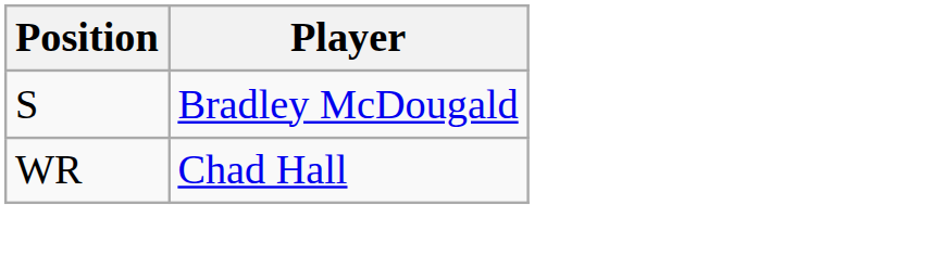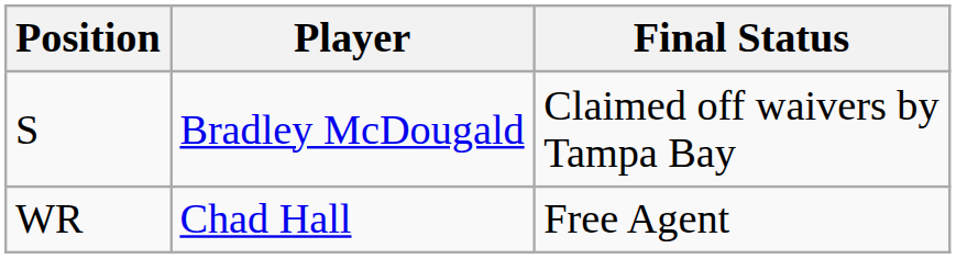 <table class="wikitable sortable">
 <tr>
 <th>Position</th>
 <th>Player</th>
+<th>Final Status</th>
 </tr>
 <tr>
 <td>S</td>
 <td><a href='#'>Bradley McDougald</a></td>
+<td>Claimed off waivers by<br>Tampa Bay</td>
 </tr>
 <tr>
 <td>WR</td>
 <td><a href='#'>Chad Hall</a></td>
+<td>Free Agent</td>
 </tr>
 </table>
